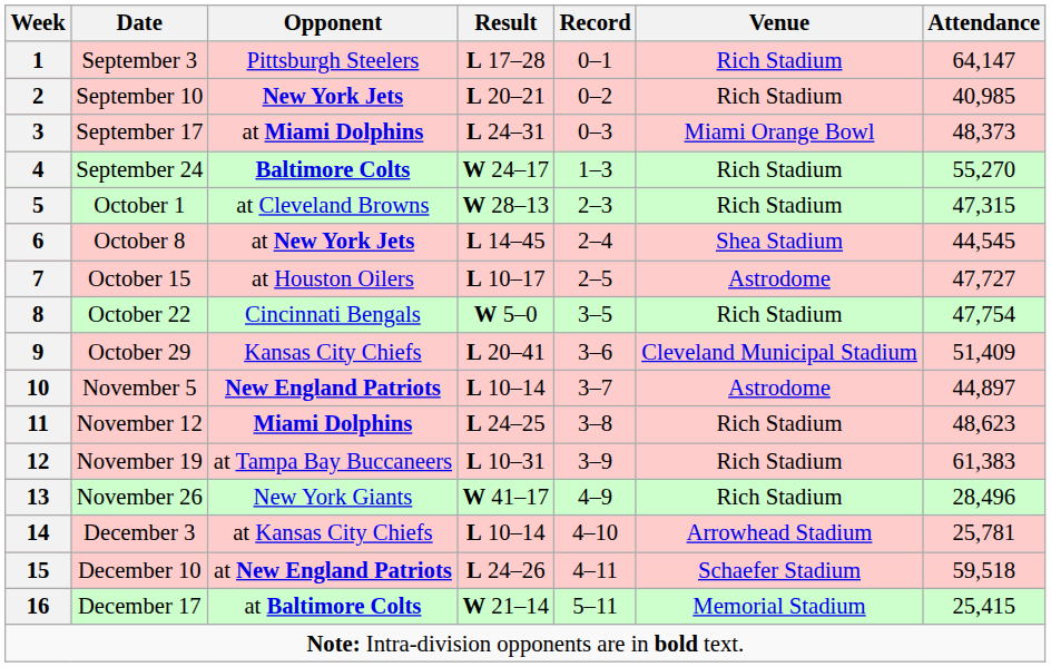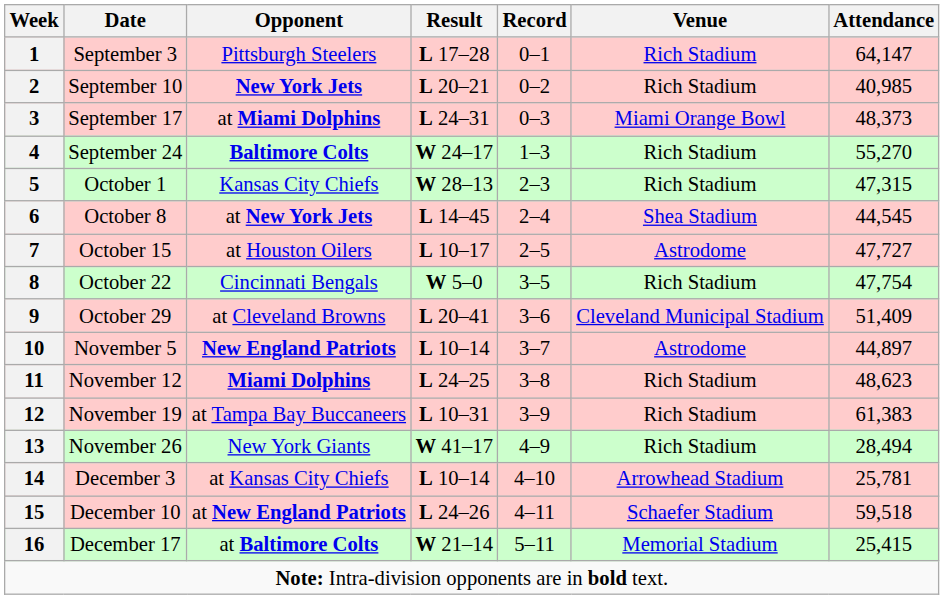 <table class="wikitable" style="text-align:center">
 <tr>
 <th>Week</th>
 <th>Date</th>
 <th>Opponent</th>
 <th>Result</th>
 <th>Record</th>
 <th>Venue</th>
 <th>Attendance</th>
 </tr>
 <tr style="background:#fcc">
 <th>1</th>
 <td>September 3</td>
 <td><a href='#'>Pittsburgh Steelers</a></td>
 <td><strong>L</strong> 17–28</td>
 <td>0–1</td>
 <td><a href='#'>Rich Stadium</a></td>
 <td>64,147</td>
 </tr>
 <tr style="background:#fcc">
 <th>2</th>
 <td>September 10</td>
 <td><strong><a href='#'>New York Jets</a></strong></td>
 <td><strong>L</strong> 20–21</td>
 <td>0–2</td>
 <td>Rich Stadium</td>
 <td>40,985</td>
 </tr>
 <tr style="background:#fcc">
 <th>3</th>
 <td>September 17</td>
 <td>at <strong><a href='#'>Miami Dolphins</a></strong></td>
 <td><strong>L</strong> 24–31</td>
 <td>0–3</td>
 <td><a href='#'>Miami Orange Bowl</a></td>
 <td>48,373</td>
 </tr>
 <tr style="background:#cfc">
 <th>4</th>
 <td>September 24</td>
 <td><strong><a href='#'>Baltimore Colts</a></strong></td>
 <td><strong>W</strong> 24–17</td>
 <td>1–3</td>
 <td>Rich Stadium</td>
 <td>55,270</td>
 </tr>
 <tr style="background:#cfc">
 <th>5</th>
 <td>October 1</td>
-<td>at <a href='#'>Cleveland Browns</a></td>
+<td><a href='#'>Kansas City Chiefs</a></td>
 <td><strong>W</strong> 28–13</td>
 <td>2–3</td>
 <td>Rich Stadium</td>
 <td>47,315</td>
 </tr>
 <tr style="background:#fcc">
 <th>6</th>
 <td>October 8</td>
 <td>at <strong><a href='#'>New York Jets</a></strong></td>
 <td><strong>L</strong> 14–45</td>
 <td>2–4</td>
 <td><a href='#'>Shea Stadium</a></td>
 <td>44,545</td>
 </tr>
 <tr style="background:#fcc">
 <th>7</th>
 <td>October 15</td>
 <td>at <a href='#'>Houston Oilers</a></td>
 <td><strong>L</strong> 10–17</td>
 <td>2–5</td>
 <td><a href='#'>Astrodome</a></td>
 <td>47,727</td>
 </tr>
 <tr style="background:#cfc">
 <th>8</th>
 <td>October 22</td>
 <td><a href='#'>Cincinnati Bengals</a></td>
 <td><strong>W</strong> 5–0</td>
 <td>3–5</td>
 <td>Rich Stadium</td>
 <td>47,754</td>
 </tr>
 <tr style="background:#fcc">
 <th>9</th>
 <td>October 29</td>
-<td><a href='#'>Kansas City Chiefs</a></td>
+<td>at <a href='#'>Cleveland Browns</a></td>
 <td><strong>L</strong> 20–41</td>
 <td>3–6</td>
 <td><a href='#'>Cleveland Municipal Stadium</a></td>
 <td>51,409</td>
 </tr>
 <tr style="background:#fcc">
 <th>10</th>
 <td>November 5</td>
 <td><strong><a href='#'>New England Patriots</a></strong></td>
 <td><strong>L</strong> 10–14</td>
 <td>3–7</td>
 <td><a href='#'>Astrodome</a></td>
 <td>44,897</td>
 </tr>
 <tr style="background:#fcc">
 <th>11</th>
 <td>November 12</td>
 <td><strong><a href='#'>Miami Dolphins</a></strong></td>
 <td><strong>L</strong> 24–25</td>
 <td>3–8</td>
 <td>Rich Stadium</td>
 <td>48,623</td>
 </tr>
 <tr style="background:#fcc">
 <th>12</th>
 <td>November 19</td>
 <td>at <a href='#'>Tampa Bay Buccaneers</a></td>
 <td><strong>L</strong> 10–31</td>
 <td>3–9</td>
 <td>Rich Stadium</td>
 <td>61,383</td>
 </tr>
 <tr style="background:#cfc">
 <th>13</th>
 <td>November 26</td>
 <td><a href='#'>New York Giants</a></td>
 <td><strong>W</strong> 41–17</td>
 <td>4–9</td>
 <td>Rich Stadium</td>
-<td>28,496</td>
+<td>28,494</td>
 </tr>
 <tr style="background:#fcc">
 <th>14</th>
 <td>December 3</td>
 <td>at <a href='#'>Kansas City Chiefs</a></td>
 <td><strong>L</strong> 10–14</td>
 <td>4–10</td>
 <td><a href='#'>Arrowhead Stadium</a></td>
 <td>25,781</td>
 </tr>
 <tr style="background:#fcc">
 <th>15</th>
 <td>December 10</td>
 <td>at <strong><a href='#'>New England Patriots</a></strong></td>
 <td><strong>L</strong> 24–26</td>
 <td>4–11</td>
 <td><a href='#'>Schaefer Stadium</a></td>
 <td>59,518</td>
 </tr>
 <tr style="background:#cfc">
 <th>16</th>
 <td>December 17</td>
 <td>at <strong><a href='#'>Baltimore Colts</a></strong></td>
 <td><strong>W</strong> 21–14</td>
 <td>5–11</td>
 <td><a href='#'>Memorial Stadium</a></td>
 <td>25,415</td>
 </tr>
 <tr>
 <td colspan="8"><strong>Note:</strong> Intra-division opponents are in <strong>bold</strong> text.</td>
 </tr>
 </table>
